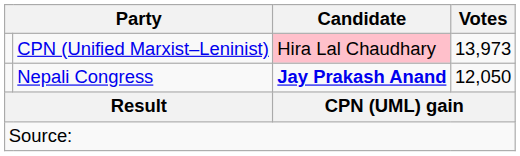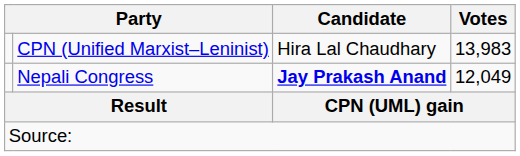 <table class="wikitable">
 <tr>
 <th colspan="2">Party</th>
 <th>Candidate</th>
 <th>Votes</th>
 </tr>
 <tr>
 <td style="background-color:"></td>
 <td><a href='#'>CPN (Unified Marxist–Leninist)</a></td>
-<td style="background: pink;">Hira Lal Chaudhary</td>
-<td>13,973</td>
+<td>Hira Lal Chaudhary</td>
+<td>13,983</td>
 </tr>
 <tr>
 <td style="background-color:"></td>
 <td><a href='#'>Nepali Congress</a></td>
 <td><strong><a href='#'>Jay Prakash Anand</a></strong></td>
-<td>12,050</td>
+<td>12,049</td>
 </tr>
 <tr>
 <th colspan="2">Result</th>
 <th colspan="2">CPN (UML) gain</th>
 </tr>
 <tr>
 <td colspan="4">Source: </td>
 </tr>
 </table>
